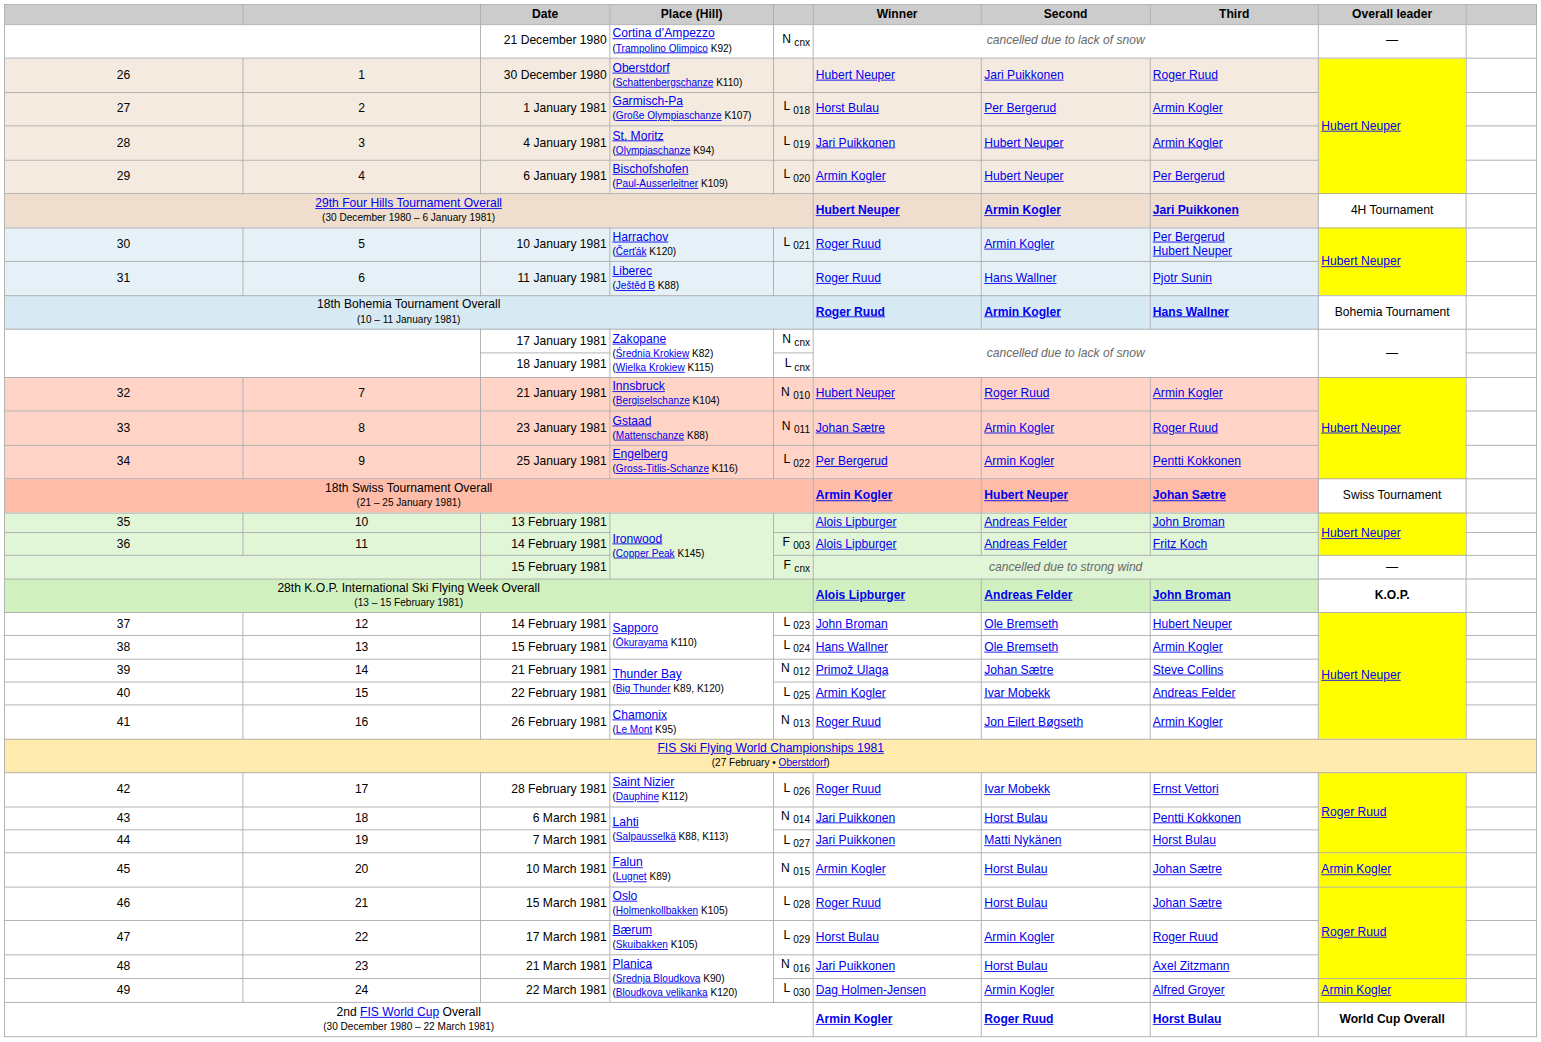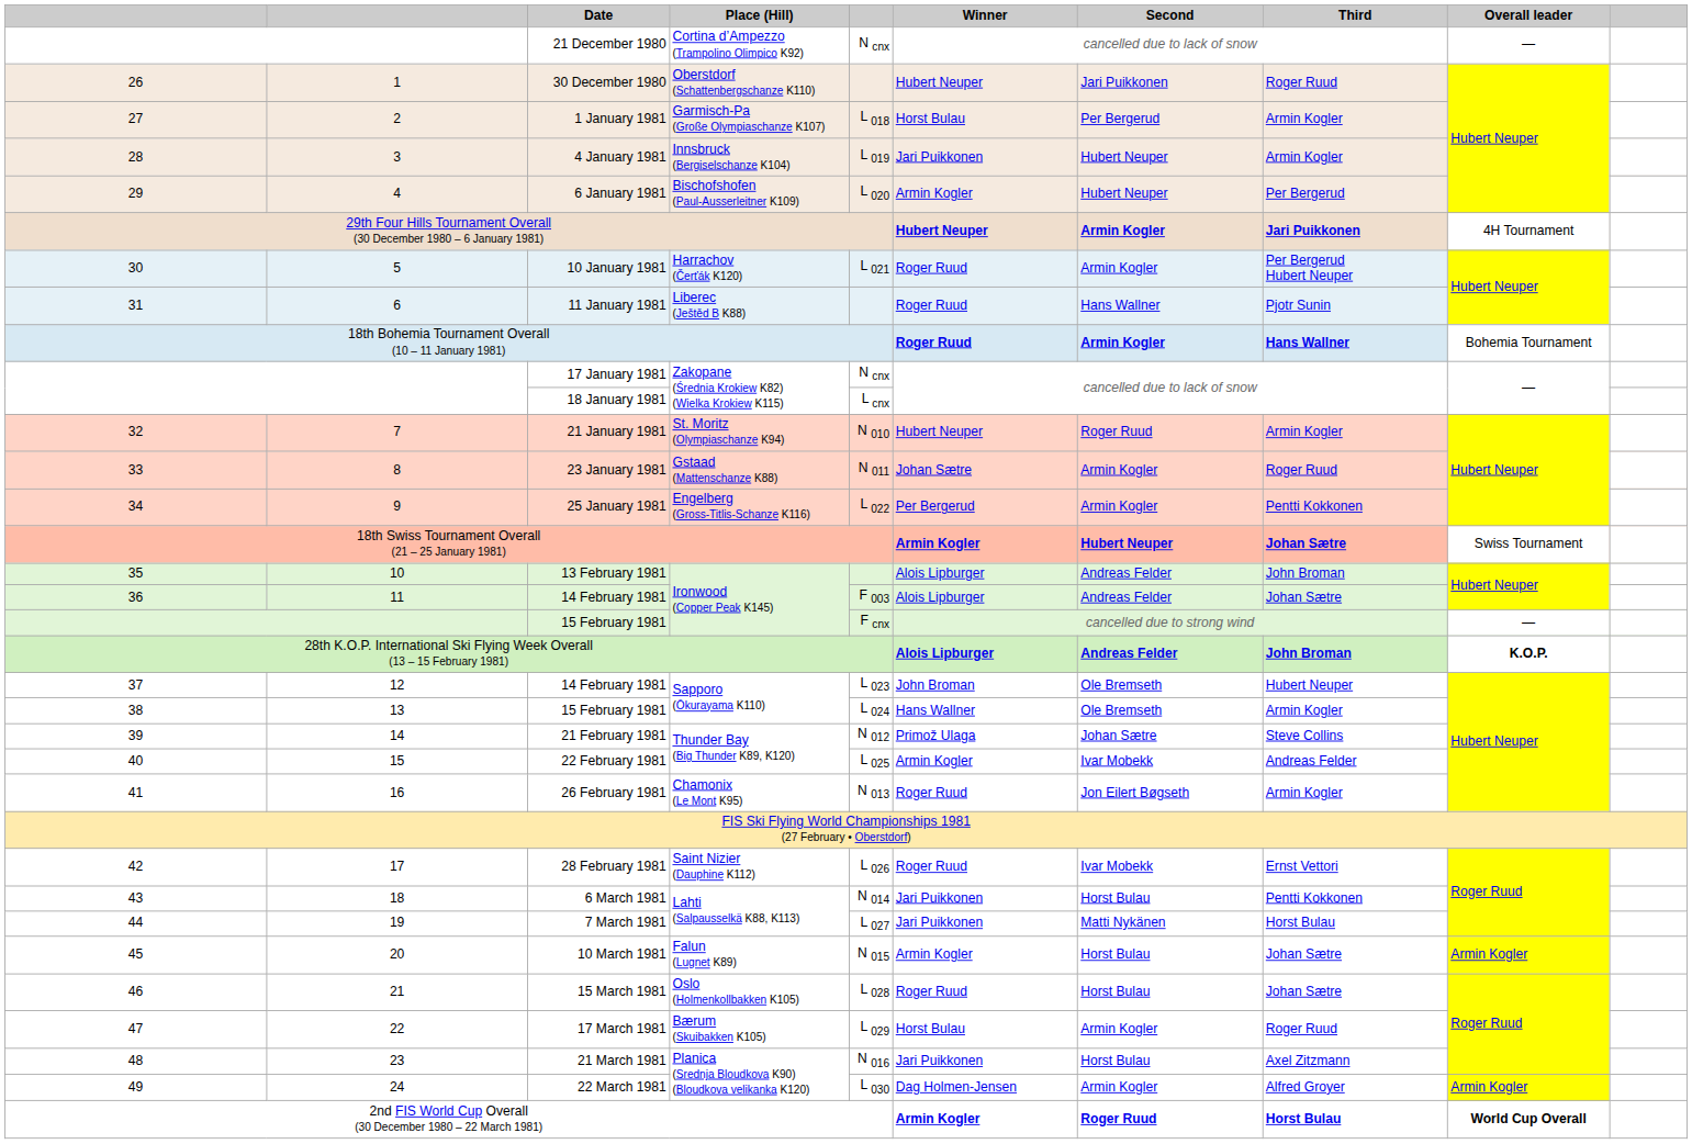 <table class="wikitable plainrowheaders" style="background:#fff; font-size:86%; width:110%; line-height:16px; border:gray solid 1px; border-collapse:collapse;">
 <tr>
 <th scope="col" style="background:#ccc; width=30 px;"></th>
 <th scope="col" style="background:#ccc; width=30 px;"></th>
 <th scope="col" style="background:#ccc; width:140px;">Date</th>
 <th scope="col" style="background:#ccc; width:180px;">Place (Hill)</th>
 <th scope="col" style="background:#ccc; width:38px;"></th>
 <th scope="col" style="background:#ccc; width:185px;">Winner</th>
 <th scope="col" style="background:#ccc; width:185px;">Second</th>
 <th scope="col" style="background:#ccc; width:185px;">Third</th>
 <th scope="col" style="background:#ccc; width:161px;">Overall leader</th>
 <th scope="col" style="background:#ccc;"></th>
 </tr>
 <tr>
 <td colspan=2></td>
 <td align=right>21 December 1980</td>
 <td> <a href='#'>Cortina d’Ampezzo</a><br><small>(<a href='#'>Trampolino Olimpico</a> K92)</small></td>
 <td align=right>N <sub>cnx</sub></td>
 <td colspan=3 align=center style=color:#696969><em>cancelled due to lack of snow</em></td>
 <td align=center>—</td>
 <td></td>
 </tr>
 <tr bgcolor=#F5EADF>
 <td align=center>26</td>
 <td align=center>1</td>
 <td align=right>30 December 1980</td>
 <td> <a href='#'>Oberstdorf</a><br><small>(<a href='#'>Schattenbergschanze</a> K110)</small></td>
 <td align=right></td>
 <td> <a href='#'>Hubert Neuper</a></td>
 <td> <a href='#'>Jari Puikkonen</a></td>
 <td> <a href='#'>Roger Ruud</a></td>
 <td bgcolor=yellow rowspan=4> <a href='#'>Hubert Neuper</a></td>
 <td bgcolor=white></td>
 </tr>
 <tr bgcolor=#F5EADF>
 <td align=center>27</td>
 <td align=center>2</td>
 <td align=right>1 January 1981</td>
 <td> <a href='#'>Garmisch-Pa</a><br><small>(<a href='#'>Große Olympiaschanze</a> K107)</small></td>
 <td align=right>L <sub>018</sub></td>
 <td> <a href='#'>Horst Bulau</a></td>
 <td> <a href='#'>Per Bergerud</a></td>
 <td> <a href='#'>Armin Kogler</a></td>
 <td bgcolor=white></td>
 </tr>
 <tr bgcolor=#F5EADF>
 <td align=center>28</td>
 <td align=center>3</td>
 <td align=right>4 January 1981</td>
-<td> <a href='#'>St. Moritz</a><br><small>(<a href='#'>Olympiaschanze</a> K94)</small></td>
+<td> <a href='#'>Innsbruck</a><br><small>(<a href='#'>Bergiselschanze</a> K104)</small></td>
 <td align=right>L <sub>019</sub></td>
 <td> <a href='#'>Jari Puikkonen</a></td>
 <td> <a href='#'>Hubert Neuper</a></td>
 <td> <a href='#'>Armin Kogler</a></td>
 <td bgcolor=white></td>
 </tr>
 <tr bgcolor=#F5EADF>
 <td align=center>29</td>
 <td align=center>4</td>
 <td align=right>6 January 1981</td>
 <td> <a href='#'>Bischofshofen</a><br><small>(<a href='#'>Paul-Ausserleitner</a> K109)</small></td>
 <td align=right>L <sub>020</sub></td>
 <td> <a href='#'>Armin Kogler</a></td>
 <td> <a href='#'>Hubert Neuper</a></td>
 <td> <a href='#'>Per Bergerud</a></td>
 <td bgcolor=white></td>
 </tr>
 <tr bgcolor=#EFDECD>
 <td colspan=5 align=center><a href='#'>29th Four Hills Tournament Overall</a><br><small>(30 December 1980 – 6 January 1981)</small></td>
 <td> <strong><a href='#'>Hubert Neuper</a></strong></td>
 <td> <strong><a href='#'>Armin Kogler</a></strong></td>
 <td> <strong><a href='#'>Jari Puikkonen</a></strong></td>
 <td bgcolor=white align=center>4H Tournament</td>
 <td bgcolor=white></td>
 </tr>
 <tr bgcolor=#E5F1F7>
 <td align=center>30</td>
 <td align=center>5</td>
 <td align=right>10 January 1981</td>
 <td> <a href='#'>Harrachov</a><br><small>(<a href='#'>Čerťák</a> K120)</small></td>
 <td align=right>L <sub>021</sub></td>
 <td> <a href='#'>Roger Ruud</a></td>
 <td> <a href='#'>Armin Kogler</a></td>
 <td> <a href='#'>Per Bergerud</a><br> <a href='#'>Hubert Neuper</a></td>
 <td rowspan=2 bgcolor=yellow> <a href='#'>Hubert Neuper</a></td>
 <td bgcolor=white></td>
 </tr>
 <tr bgcolor=#E5F1F7>
 <td align=center>31</td>
 <td align=center>6</td>
 <td align=right>11 January 1981</td>
 <td> <a href='#'>Liberec</a><br><small>(<a href='#'>Ještěd B</a> K88)</small></td>
 <td align=right></td>
 <td> <a href='#'>Roger Ruud</a></td>
 <td> <a href='#'>Hans Wallner</a></td>
 <td> <a href='#'>Pjotr Sunin</a></td>
 <td bgcolor=white></td>
 </tr>
 <tr bgcolor=#D7E9F3>
 <td colspan=5 align=center>18th Bohemia Tournament Overall<br><small>(10 – 11 January 1981)</small></td>
 <td> <strong><a href='#'>Roger Ruud</a></strong></td>
 <td> <strong><a href='#'>Armin Kogler</a></strong></td>
 <td> <strong><a href='#'>Hans Wallner</a></strong></td>
 <td bgcolor=white align=center>Bohemia Tournament</td>
 <td bgcolor=white></td>
 </tr>
 <tr>
 <td rowspan=2 colspan=2></td>
 <td align=right>17 January 1981</td>
 <td rowspan=2> <a href='#'>Zakopane</a><br><small>(<a href='#'>Średnia Krokiew</a> K82)<br>(<a href='#'>Wielka Krokiew</a> K115)</small></td>
 <td align=right>N <sub>cnx</sub></td>
 <td rowspan=2 colspan=3 align=center style=color:#696969><em>cancelled due to lack of snow</em></td>
 <td align=center rowspan=2>—</td>
 <td></td>
 </tr>
 <tr>
 <td align=right>18 January 1981</td>
 <td align=right>L <sub>cnx</sub></td>
 <td></td>
 </tr>
 <tr bgcolor=#FFD4C7>
 <td align=center>32</td>
 <td align=center>7</td>
 <td align=right>21 January 1981</td>
-<td> <a href='#'>Innsbruck</a><br><small>(<a href='#'>Bergiselschanze</a> K104)</small></td>
+<td> <a href='#'>St. Moritz</a><br><small>(<a href='#'>Olympiaschanze</a> K94)</small></td>
 <td align=right>N <sub>010</sub></td>
 <td> <a href='#'>Hubert Neuper</a></td>
 <td> <a href='#'>Roger Ruud</a></td>
 <td> <a href='#'>Armin Kogler</a></td>
 <td rowspan=3 bgcolor=yellow> <a href='#'>Hubert Neuper</a></td>
 <td bgcolor=white></td>
 </tr>
 <tr bgcolor=#FFD4C7>
 <td align=center>33</td>
 <td align=center>8</td>
 <td align=right>23 January 1981</td>
 <td> <a href='#'>Gstaad</a><br><small>(<a href='#'>Mattenschanze</a> K88)</small></td>
 <td align=right>N <sub>011</sub></td>
 <td> <a href='#'>Johan Sætre</a></td>
 <td> <a href='#'>Armin Kogler</a></td>
 <td> <a href='#'>Roger Ruud</a></td>
 <td bgcolor=white></td>
 </tr>
 <tr bgcolor=#FFD4C7>
 <td align=center>34</td>
 <td align=center>9</td>
 <td align=right>25 January 1981</td>
 <td> <a href='#'>Engelberg</a><br><small>(<a href='#'>Gross-Titlis-Schanze</a> K116)</small></td>
 <td align=right>L <sub>022</sub></td>
 <td> <a href='#'>Per Bergerud</a></td>
 <td> <a href='#'>Armin Kogler</a></td>
 <td> <a href='#'>Pentti Kokkonen</a></td>
 <td bgcolor=white></td>
 </tr>
 <tr bgcolor=#FFBCA8>
 <td colspan=5 align=center>18th Swiss Tournament Overall<br><small>(21 – 25 January 1981)</small></td>
 <td> <strong><a href='#'>Armin Kogler</a></strong></td>
 <td> <strong><a href='#'>Hubert Neuper</a></strong></td>
 <td> <strong><a href='#'>Johan Sætre</a></strong></td>
 <td bgcolor=white align=center>Swiss Tournament</td>
 <td bgcolor=white></td>
 </tr>
 <tr bgcolor=#E1F5D7>
 <td align=center>35</td>
 <td align=center>10</td>
 <td align=right>13 February 1981</td>
 <td rowspan=3> <a href='#'>Ironwood</a><br><small>(<a href='#'>Copper Peak</a> K145)</small></td>
 <td align=right></td>
 <td> <a href='#'>Alois Lipburger</a></td>
 <td> <a href='#'>Andreas Felder</a></td>
 <td> <a href='#'>John Broman</a></td>
 <td rowspan=2 bgcolor=yellow> <a href='#'>Hubert Neuper</a></td>
 <td bgcolor=white></td>
 </tr>
 <tr bgcolor=#E1F5D7>
 <td align=center>36</td>
 <td align=center>11</td>
 <td align=right>14 February 1981</td>
 <td align=right>F <sub>003</sub></td>
 <td> <a href='#'>Alois Lipburger</a></td>
 <td> <a href='#'>Andreas Felder</a></td>
-<td> <a href='#'>Fritz Koch</a></td>
+<td> <a href='#'>Johan Sætre</a></td>
 <td bgcolor=white></td>
 </tr>
 <tr bgcolor=#E1F5D7>
 <td colspan=2></td>
 <td align=right>15 February 1981</td>
 <td align=right>F <sub>cnx</sub></td>
 <td colspan=3 align=center style=color:#696969><em>cancelled due to strong wind</em></td>
 <td align=center bgcolor=white>—</td>
 <td bgcolor=white></td>
 </tr>
 <tr bgcolor=#D0F0C0>
 <td colspan=5 align=center>28th K.O.P. International Ski Flying Week Overall<br><small>(13 – 15 February 1981)</small></td>
 <td> <strong><a href='#'>Alois Lipburger</a></strong></td>
 <td> <strong><a href='#'>Andreas Felder</a></strong></td>
 <td> <strong><a href='#'>John Broman</a></strong></td>
 <td bgcolor=white align=center><strong>K.O.P.</strong></td>
 <td bgcolor=white></td>
 </tr>
 <tr>
 <td align=center>37</td>
 <td align=center>12</td>
 <td align=right>14 February 1981</td>
 <td rowspan=2> <a href='#'>Sapporo</a><br><small>(<a href='#'>Ōkurayama</a> K110)</small></td>
 <td align=right>L <sub>023</sub></td>
 <td> <a href='#'>John Broman</a></td>
 <td> <a href='#'>Ole Bremseth</a></td>
 <td> <a href='#'>Hubert Neuper</a></td>
 <td rowspan=5 bgcolor=yellow> <a href='#'>Hubert Neuper</a></td>
 <td></td>
 </tr>
 <tr>
 <td align=center>38</td>
 <td align=center>13</td>
 <td align=right>15 February 1981</td>
 <td align=right>L <sub>024</sub></td>
 <td> <a href='#'>Hans Wallner</a></td>
 <td> <a href='#'>Ole Bremseth</a></td>
 <td> <a href='#'>Armin Kogler</a></td>
 <td></td>
 </tr>
 <tr>
 <td align=center>39</td>
 <td align=center>14</td>
 <td align=right>21 February 1981</td>
 <td rowspan=2> <a href='#'>Thunder Bay</a><br><small>(<a href='#'>Big Thunder</a> K89, K120)</small></td>
 <td align=right>N <sub>012</sub></td>
 <td> <a href='#'>Primož Ulaga</a></td>
 <td> <a href='#'>Johan Sætre</a></td>
 <td> <a href='#'>Steve Collins</a></td>
 <td></td>
 </tr>
 <tr>
 <td align=center>40</td>
 <td align=center>15</td>
 <td align=right>22 February 1981</td>
 <td align=right>L <sub>025</sub></td>
 <td> <a href='#'>Armin Kogler</a></td>
 <td> <a href='#'>Ivar Mobekk</a></td>
 <td> <a href='#'>Andreas Felder</a></td>
 <td></td>
 </tr>
 <tr>
 <td align=center>41</td>
 <td align=center>16</td>
 <td align=right>26 February 1981</td>
 <td> <a href='#'>Chamonix</a><br><small>(<a href='#'>Le Mont</a> K95)</small></td>
 <td align=right>N <sub>013</sub></td>
 <td> <a href='#'>Roger Ruud</a></td>
 <td> <a href='#'>Jon Eilert Bøgseth</a></td>
 <td> <a href='#'>Armin Kogler</a></td>
 <td></td>
 </tr>
 <tr style="background:#FFEBAD">
 <td colspan=10 align="center"><a href='#'>FIS Ski Flying World Championships 1981</a><br><small>(27 February •  <a href='#'>Oberstdorf</a>)</small></td>
 </tr>
 <tr>
 <td align=center>42</td>
 <td align=center>17</td>
 <td align=right>28 February 1981</td>
 <td> <a href='#'>Saint Nizier</a><br><small>(<a href='#'>Dauphine</a> K112)</small></td>
 <td align=right>L <sub>026</sub></td>
 <td> <a href='#'>Roger Ruud</a></td>
 <td> <a href='#'>Ivar Mobekk</a></td>
 <td> <a href='#'>Ernst Vettori</a></td>
 <td rowspan=3 bgcolor=yellow> <a href='#'>Roger Ruud</a></td>
 <td></td>
 </tr>
 <tr>
 <td align=center>43</td>
 <td align=center>18</td>
 <td align=right>6 March 1981</td>
 <td rowspan=2> <a href='#'>Lahti</a><br><small>(<a href='#'>Salpausselkä</a> K88, K113)</small></td>
 <td align=right>N <sub>014</sub></td>
 <td> <a href='#'>Jari Puikkonen</a></td>
 <td> <a href='#'>Horst Bulau</a></td>
 <td> <a href='#'>Pentti Kokkonen</a></td>
 <td></td>
 </tr>
 <tr>
 <td align=center>44</td>
 <td align=center>19</td>
 <td align=right>7 March 1981</td>
 <td align=right>L <sub>027</sub></td>
 <td> <a href='#'>Jari Puikkonen</a></td>
 <td> <a href='#'>Matti Nykänen</a></td>
 <td> <a href='#'>Horst Bulau</a></td>
 <td></td>
 </tr>
 <tr>
 <td align=center>45</td>
 <td align=center>20</td>
 <td align=right>10 March 1981</td>
 <td> <a href='#'>Falun</a><br><small>(<a href='#'>Lugnet</a> K89)</small></td>
 <td align=right>N <sub>015</sub></td>
 <td> <a href='#'>Armin Kogler</a></td>
 <td> <a href='#'>Horst Bulau</a></td>
 <td> <a href='#'>Johan Sætre</a></td>
 <td bgcolor=yellow> <a href='#'>Armin Kogler</a></td>
 <td></td>
 </tr>
 <tr>
 <td align=center>46</td>
 <td align=center>21</td>
 <td align=right>15 March 1981</td>
 <td> <a href='#'>Oslo</a><br><small>(<a href='#'>Holmenkollbakken</a> K105)</small></td>
 <td align=right>L <sub>028</sub></td>
 <td> <a href='#'>Roger Ruud</a></td>
 <td> <a href='#'>Horst Bulau</a></td>
 <td> <a href='#'>Johan Sætre</a></td>
 <td rowspan=3 bgcolor=yellow> <a href='#'>Roger Ruud</a></td>
 <td></td>
 </tr>
 <tr>
 <td align=center>47</td>
 <td align=center>22</td>
 <td align=right>17 March 1981</td>
 <td> <a href='#'>Bærum</a><br><small>(<a href='#'>Skuibakken</a> K105)</small></td>
 <td align=right>L <sub>029</sub></td>
 <td> <a href='#'>Horst Bulau</a></td>
 <td> <a href='#'>Armin Kogler</a></td>
 <td> <a href='#'>Roger Ruud</a></td>
 <td></td>
 </tr>
 <tr>
 <td align=center>48</td>
 <td align=center>23</td>
 <td align=right>21 March 1981</td>
 <td rowspan=2> <a href='#'>Planica</a><br><small>(<a href='#'>Srednja Bloudkova</a> K90)<br>(<a href='#'>Bloudkova velikanka</a> K120)</small></td>
 <td align=right>N <sub>016</sub></td>
 <td> <a href='#'>Jari Puikkonen</a></td>
 <td> <a href='#'>Horst Bulau</a></td>
 <td> <a href='#'>Axel Zitzmann</a></td>
 <td></td>
 </tr>
 <tr>
 <td align=center>49</td>
 <td align=center>24</td>
 <td align=right>22 March 1981</td>
 <td align=right>L <sub>030</sub></td>
 <td> <a href='#'>Dag Holmen-Jensen</a></td>
 <td> <a href='#'>Armin Kogler</a></td>
 <td> <a href='#'>Alfred Groyer</a></td>
 <td bgcolor=yellow> <a href='#'>Armin Kogler</a></td>
 <td></td>
 </tr>
 <tr>
 <td colspan="5" align="center">2nd <a href='#'>FIS World Cup</a> Overall<br><small>(30 December 1980 – 22 March 1981)</small></td>
 <td> <strong><a href='#'>Armin Kogler</a></strong></td>
 <td> <strong><a href='#'>Roger Ruud</a></strong></td>
 <td> <strong><a href='#'>Horst Bulau</a></strong></td>
 <td align=center><strong>World Cup Overall</strong></td>
 <td></td>
 </tr>
 </table>
